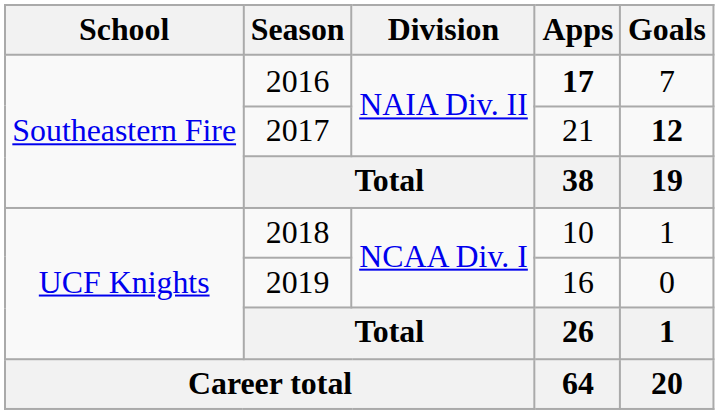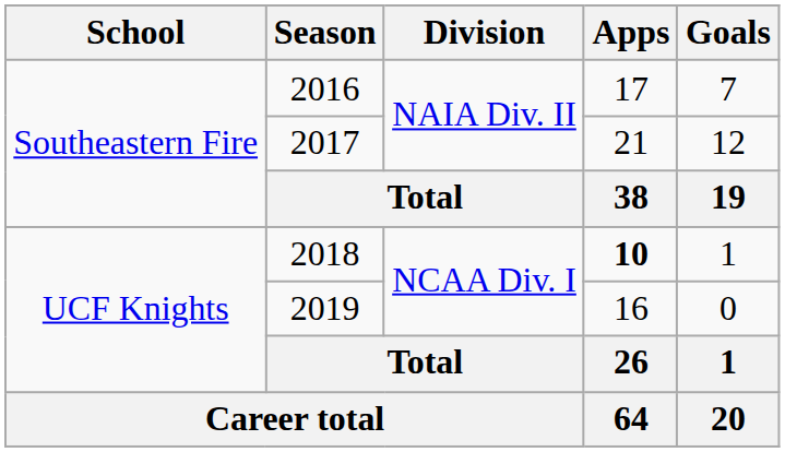 <table class="wikitable" style="text-align: center;">
 <tr>
 <th>School</th>
 <th>Season</th>
 <th>Division</th>
 <th>Apps</th>
 <th>Goals</th>
 </tr>
 <tr>
 <td rowspan="3"><a href='#'>Southeastern Fire</a></td>
 <td>2016</td>
 <td rowspan="2"><a href='#'>NAIA Div. II</a></td>
-<td><strong>17</strong></td>
+<td>17</td>
 <td>7</td>
 </tr>
 <tr>
 <td>2017</td>
 <td>21</td>
-<td><strong>12</strong></td>
+<td>12</td>
 </tr>
 <tr>
 <th colspan="2">Total</th>
 <th>38</th>
 <th>19</th>
 </tr>
 <tr>
 <td rowspan="3"><a href='#'>UCF Knights</a></td>
 <td>2018</td>
 <td rowspan="2"><a href='#'>NCAA Div. I</a></td>
-<td>10</td>
+<td><strong>10</strong></td>
 <td>1</td>
 </tr>
 <tr>
 <td>2019</td>
 <td>16</td>
 <td>0</td>
 </tr>
 <tr>
 <th colspan="2">Total</th>
 <th>26</th>
 <th>1</th>
 </tr>
 <tr>
 <th colspan="3">Career total</th>
 <th>64</th>
 <th>20</th>
 </tr>
 </table>
